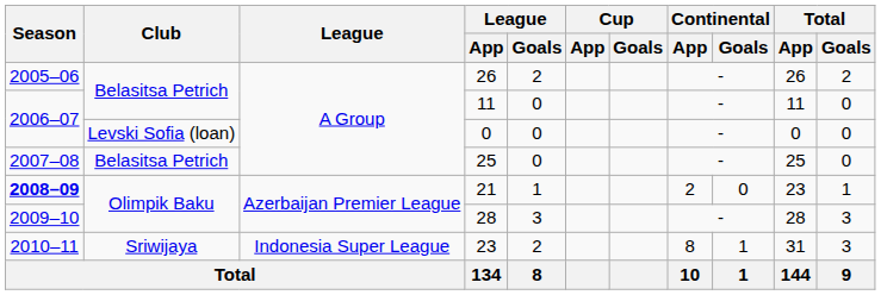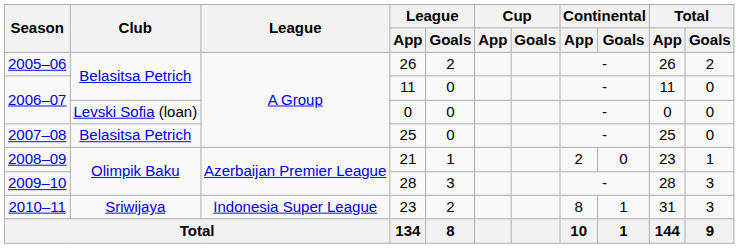 <table class="wikitable">
 <tr>
 <th rowspan=2>Season</th>
 <th ! rowspan=2>Club</th>
 <th ! rowspan=2>League</th>
 <th ! colspan=2>League</th>
 <th ! colspan=2>Cup</th>
 <th ! colspan=2>Continental</th>
 <th colspan=3>Total</th>
 </tr>
 <tr>
 <th>App</th>
 <th>Goals</th>
 <th>App</th>
 <th>Goals</th>
 <th>App</th>
 <th>Goals</th>
 <th>App</th>
 <th>Goals</th>
 </tr>
 <tr align=center>
 <td><a href='#'>2005–06</a></td>
 <td rowspan="2"><a href='#'>Belasitsa Petrich</a></td>
 <td rowspan="4"><a href='#'>A Group</a></td>
 <td>26</td>
 <td>2</td>
 <td></td>
 <td></td>
 <td colspan="2">-</td>
 <td>26</td>
 <td>2</td>
 </tr>
 <tr align=center>
 <td rowspan="2"><a href='#'>2006–07</a></td>
 <td>11</td>
 <td>0</td>
 <td></td>
 <td></td>
 <td colspan="2">-</td>
 <td>11</td>
 <td>0</td>
 </tr>
 <tr align=center>
 <td><a href='#'>Levski Sofia</a> (loan)</td>
 <td>0</td>
 <td>0</td>
 <td></td>
 <td></td>
 <td colspan="2">-</td>
 <td>0</td>
 <td>0</td>
 </tr>
 <tr align=center>
 <td><a href='#'>2007–08</a></td>
 <td><a href='#'>Belasitsa Petrich</a></td>
 <td>25</td>
 <td>0</td>
 <td></td>
 <td></td>
 <td colspan="2">-</td>
 <td>25</td>
 <td>0</td>
 </tr>
 <tr align=center>
-<td><strong><a href='#'>2008–09</a></strong></td>
+<td><a href='#'>2008–09</a></td>
 <td rowspan="2"><a href='#'>Olimpik Baku</a></td>
 <td rowspan="2"><a href='#'>Azerbaijan Premier League</a></td>
 <td>21</td>
 <td>1</td>
 <td></td>
 <td></td>
 <td>2</td>
 <td>0</td>
 <td>23</td>
 <td>1</td>
 </tr>
 <tr align=center>
 <td><a href='#'>2009–10</a></td>
 <td>28</td>
 <td>3</td>
 <td></td>
 <td></td>
 <td colspan="2">-</td>
 <td>28</td>
 <td>3</td>
 </tr>
 <tr align=center>
 <td><a href='#'>2010–11</a></td>
 <td><a href='#'>Sriwijaya</a></td>
 <td><a href='#'>Indonesia Super League</a></td>
 <td>23</td>
 <td>2</td>
 <td></td>
 <td></td>
 <td>8</td>
 <td>1</td>
 <td>31</td>
 <td>3</td>
 </tr>
 <tr align=center>
 <th colspan="3">Total</th>
 <th>134</th>
 <th>8</th>
 <th></th>
 <th></th>
 <th>10</th>
 <th>1</th>
 <th>144</th>
 <th>9</th>
 </tr>
 </table>
